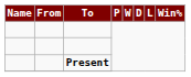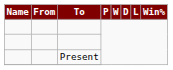 <table class="wikitable sortable" style="text-align: center;">
 <tr>
 <th style="background:maroon; color:white;" scope="col">Name</th>
 <th style="background:maroon; color:white;" scope="col">From</th>
 <th style="background:maroon; color:white;" scope="col">To</th>
 <th style="background:maroon; color:white;" scope="col">P</th>
 <th style="background:maroon; color:white;" scope="col">W</th>
 <th style="background:maroon; color:white;" scope="col">D</th>
 <th style="background:maroon; color:white;" scope="col">L</th>
 <th style="background:maroon; color:white;" scope="col">Win%</th>
 </tr>
 <tr>
 <td align=left></td>
 <td></td>
 <td><br></td>
 </tr>
 <tr>
 <td align=left></td>
 <td></td>
 <td><br></td>
 </tr>
 <tr>
 <td align=left></td>
 <td></td>
-<td><strong>Present<br></strong></td>
+<td>Present<br></td>
 </tr>
 <tr>
 </tr>
 <tr>
 </tr>
 </table>
